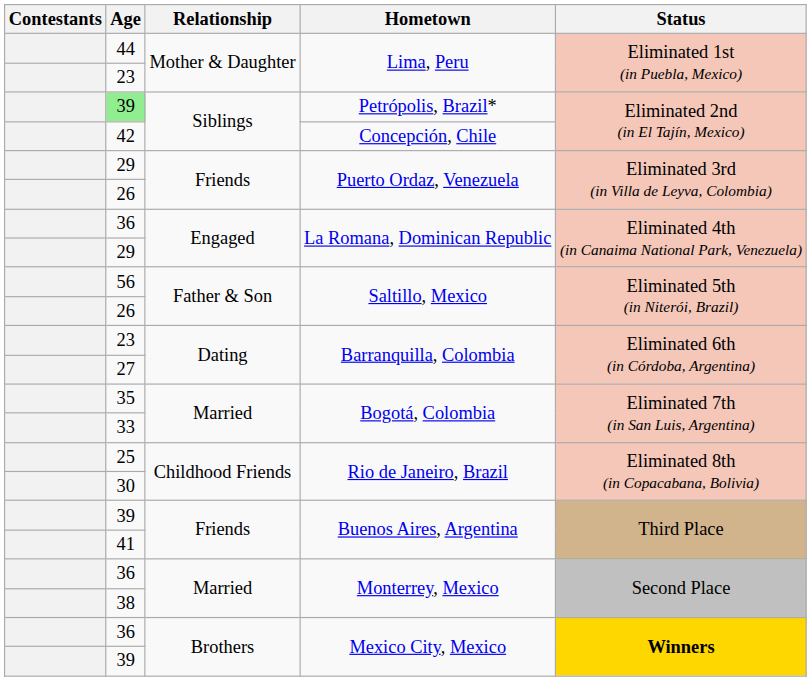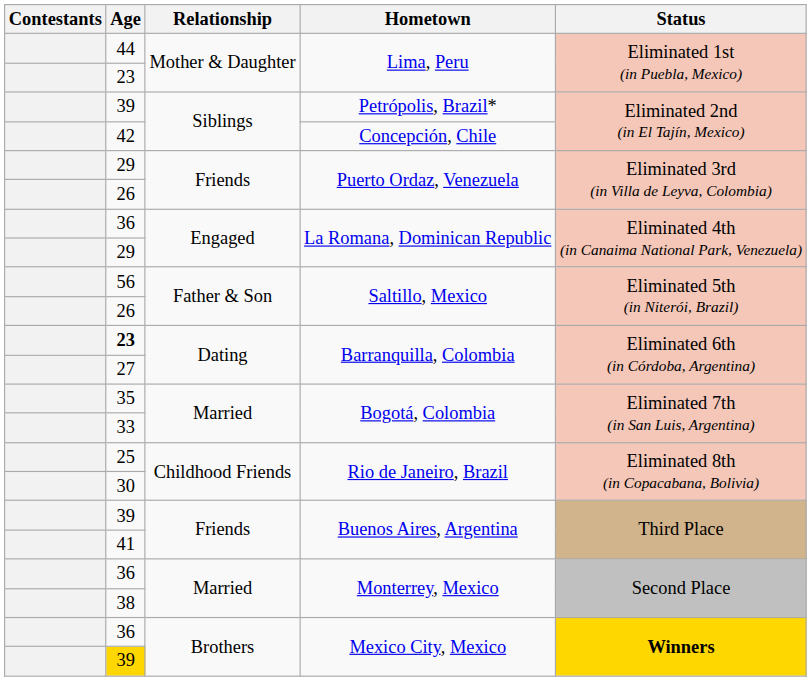 <table class="wikitable sortable" style="text-align:center;">
 <tr>
 <th scope="col">Contestants</th>
 <th scope="col">Age</th>
 <th class="unsortable" scope="col">Relationship</th>
 <th scope="col" class="unsortable">Hometown</th>
 <th scope="col">Status</th>
 </tr>
 <tr>
 <th scope="row"></th>
 <td>44</td>
 <td rowspan="2">Mother & Daughter</td>
 <td rowspan="2"><a href='#'>Lima</a>, <a href='#'>Peru</a></td>
 <td rowspan="2" bgcolor="f4c7b8">Eliminated 1st<br><small><em>(in Puebla, Mexico)</em></small></td>
 </tr>
 <tr>
 <th scope="row"></th>
 <td>23</td>
 </tr>
 <tr>
 <th scope="row"></th>
-<td style="background: lightgreen;">39</td>
+<td>39</td>
 <td rowspan="2">Siblings</td>
 <td><a href='#'>Petrópolis</a>, <a href='#'>Brazil</a>*</td>
 <td rowspan="2" bgcolor="f4c7b8">Eliminated 2nd<br><small><em>(in El Tajín, Mexico)</em></small></td>
 </tr>
 <tr>
 <th scope="row"></th>
 <td>42</td>
 <td><a href='#'>Concepción</a>, <a href='#'>Chile</a></td>
 </tr>
 <tr>
 <th scope="row"></th>
 <td>29</td>
 <td rowspan="2">Friends</td>
 <td rowspan="2"><a href='#'>Puerto Ordaz</a>, <a href='#'>Venezuela</a></td>
 <td rowspan="2" bgcolor="f4c7b8">Eliminated 3rd<br><small><em>(in Villa de Leyva, Colombia)</em></small></td>
 </tr>
 <tr>
 <th scope="row"></th>
 <td>26</td>
 </tr>
 <tr>
 <th scope="row"></th>
 <td>36</td>
 <td rowspan="2">Engaged</td>
 <td rowspan="2"><a href='#'>La Romana</a>, <a href='#'>Dominican Republic</a></td>
 <td rowspan="2" bgcolor="f4c7b8">Eliminated 4th<br><small><em>(in Canaima National Park, Venezuela)</em></small></td>
 </tr>
 <tr>
 <th scope="row"></th>
 <td>29</td>
 </tr>
 <tr>
 <th scope="row"></th>
 <td>56</td>
 <td rowspan="2">Father & Son</td>
 <td rowspan="2"><a href='#'>Saltillo</a>, <a href='#'>Mexico</a></td>
 <td rowspan="2" bgcolor="f4c7b8">Eliminated 5th<br><small><em>(in Niterói, Brazil)</em></small></td>
 </tr>
 <tr>
 <th scope="row"></th>
 <td>26</td>
 </tr>
 <tr>
 <th scope="row"></th>
-<td>23</td>
+<td><strong>23</strong></td>
 <td rowspan="2">Dating</td>
 <td rowspan="2"><a href='#'>Barranquilla</a>, <a href='#'>Colombia</a></td>
 <td rowspan="2" bgcolor="f4c7b8">Eliminated 6th<br><small><em>(in Córdoba, Argentina)</em></small></td>
 </tr>
 <tr>
 <th scope="row"></th>
 <td>27</td>
 </tr>
 <tr>
 <th scope="row"></th>
 <td>35</td>
 <td rowspan="2">Married</td>
 <td rowspan="2"><a href='#'>Bogotá</a>, <a href='#'>Colombia</a></td>
 <td rowspan="2" bgcolor="f4c7b8">Eliminated 7th<br><small><em>(in San Luis, Argentina)</em></small></td>
 </tr>
 <tr>
 <th scope="row"></th>
 <td>33</td>
 </tr>
 <tr>
 <th scope="row"></th>
 <td>25</td>
 <td rowspan="2">Childhood Friends</td>
 <td rowspan="2"><a href='#'>Rio de Janeiro</a>, <a href='#'>Brazil</a></td>
 <td rowspan="2" bgcolor="f4c7b8">Eliminated 8th<br><small><em>(in Copacabana, Bolivia)</em></small></td>
 </tr>
 <tr>
 <th scope="row"></th>
 <td>30</td>
 </tr>
 <tr>
 <th scope="row"></th>
 <td>39</td>
 <td rowspan="2">Friends</td>
 <td rowspan="2"><a href='#'>Buenos Aires</a>, <a href='#'>Argentina</a></td>
 <td rowspan="2" bgcolor="tan">Third Place</td>
 </tr>
 <tr>
 <th scope="row"></th>
 <td>41</td>
 </tr>
 <tr>
 <th scope="row"></th>
 <td>36</td>
 <td rowspan="2">Married</td>
 <td rowspan="2"><a href='#'>Monterrey</a>, <a href='#'>Mexico</a></td>
 <td rowspan="2" bgcolor="silver">Second Place</td>
 </tr>
 <tr>
 <th scope="row"></th>
 <td>38</td>
 </tr>
 <tr>
 <th scope="row"></th>
 <td>36</td>
 <td rowspan="2">Brothers</td>
 <td rowspan="2"><a href='#'>Mexico City</a>, <a href='#'>Mexico</a></td>
 <td rowspan="2" bgcolor="gold"><strong>Winners</strong></td>
 </tr>
 <tr>
 <th scope="row"></th>
-<td>39</td>
+<td style="background: gold;">39</td>
 </tr>
 </table>
